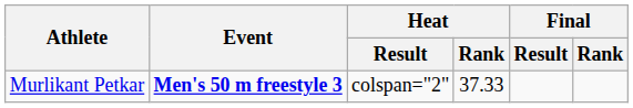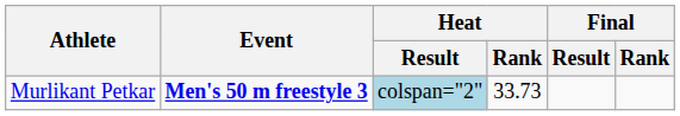 <table class=wikitable style="font-size:90%">
 <tr>
 <th rowspan="2">Athlete</th>
 <th rowspan="2">Event</th>
 <th colspan="2">Heat</th>
 <th colspan="2">Final</th>
 </tr>
 <tr>
 <th>Result</th>
 <th>Rank</th>
 <th>Result</th>
 <th>Rank</th>
 </tr>
 <tr>
 <td><a href='#'>Murlikant Petkar</a></td>
 <td><strong><a href='#'>Men's 50 m freestyle 3</a></strong></td>
-<td>colspan="2" </td>
-<td style="text-align:center;">37.33</td>
+<td style="background: lightblue;">colspan="2" </td>
+<td style="text-align:center;">33.73</td>
 <td style="text-align:center;"></td>
 </tr>
 </table>
